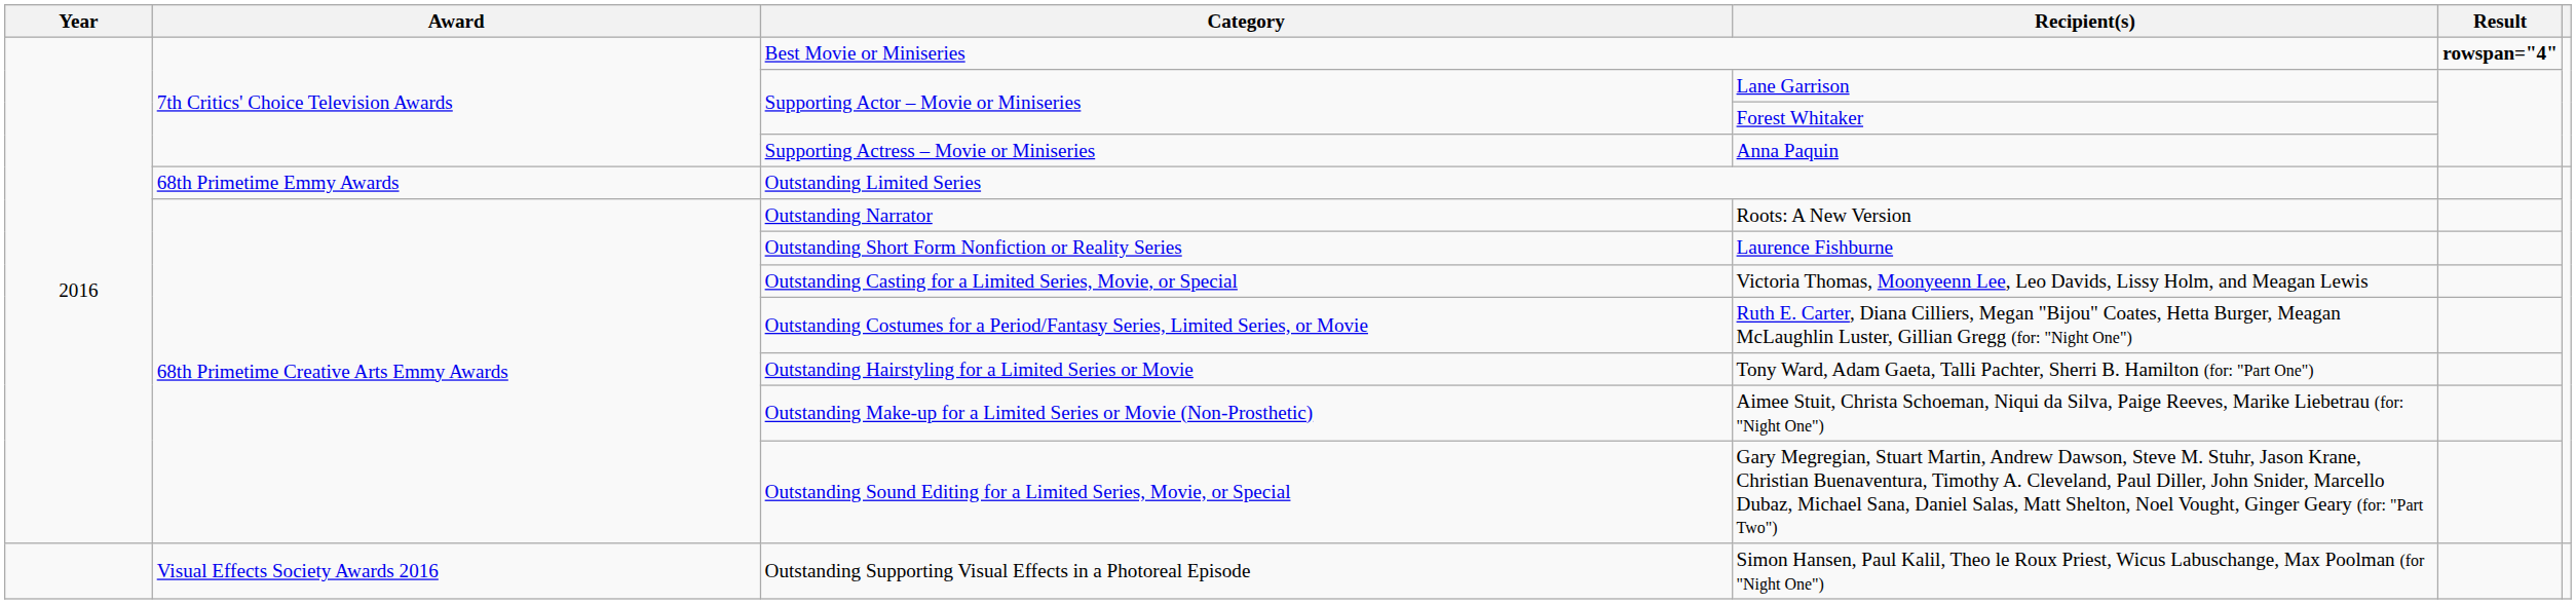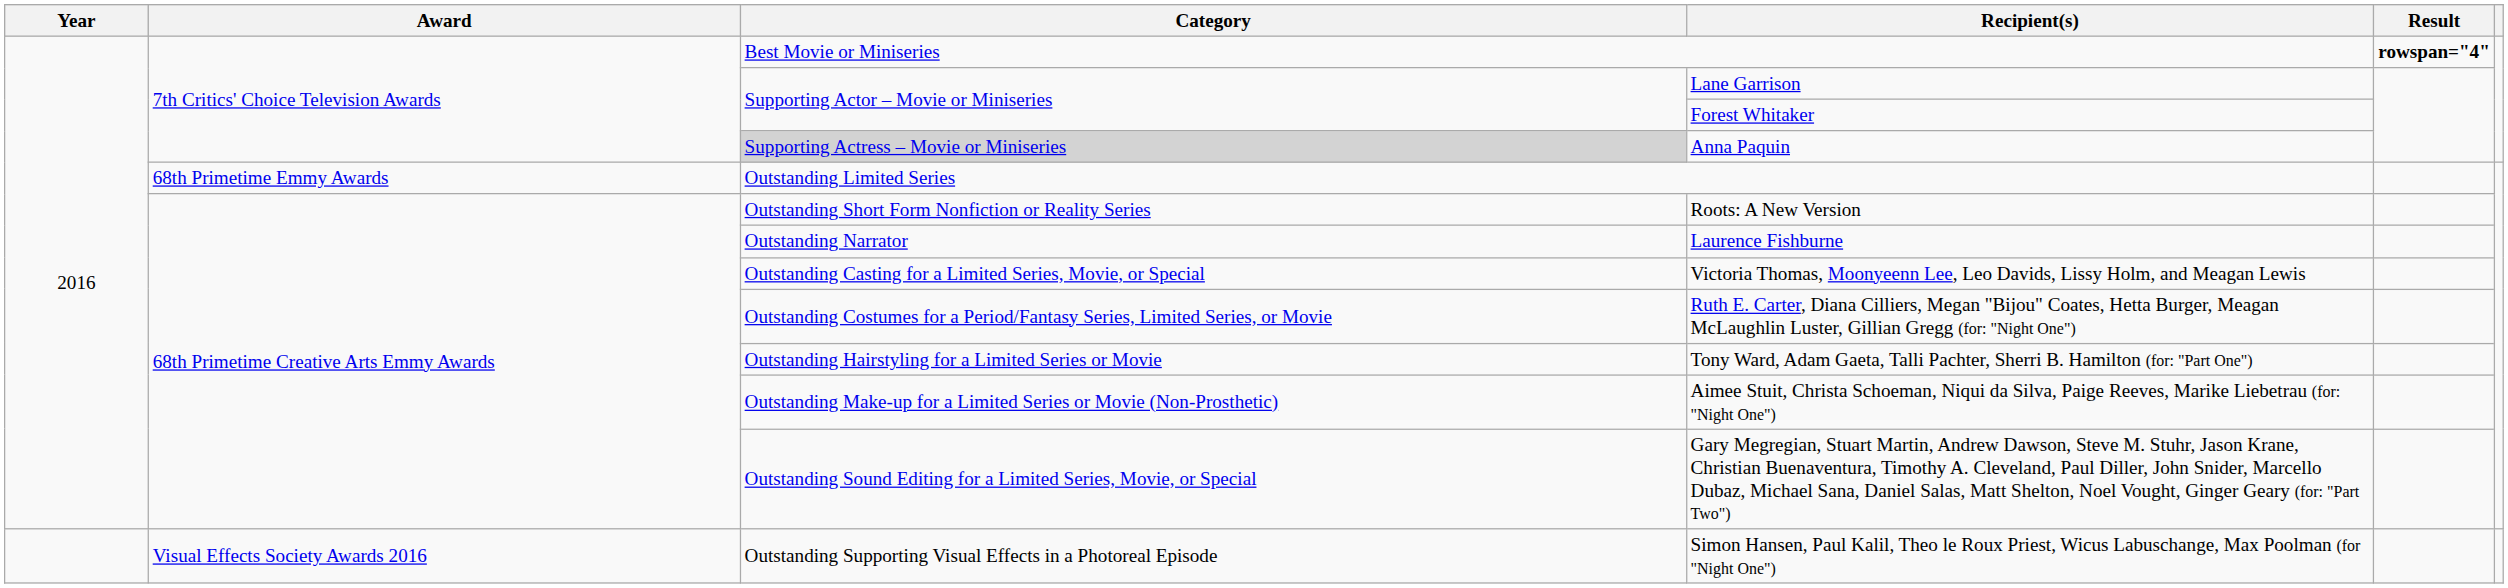 <table class="wikitable" width="100%" style="font-size: 95%;">
 <tr style="background:#ccc; text-align:center;">
 <th scope="col" width="6%">Year</th>
 <th scope="col" width="25%">Award</th>
 <th scope="col" width="40%">Category</th>
 <th scope="col" width="30%">Recipient(s)</th>
 <th scope="col" width="10%">Result</th>
 <th></th>
 </tr>
 <tr>
 <td rowspan="12" style="text-align:center;">2016</td>
 <td rowspan="4"><a href='#'>7th Critics' Choice Television Awards</a></td>
 <td colspan="2"><a href='#'>Best Movie or Miniseries</a></td>
 <td><strong>rowspan="4" </strong></td>
 <td rowspan="4"></td>
 </tr>
 <tr>
 <td rowspan="2"><a href='#'>Supporting Actor – Movie or Miniseries</a></td>
 <td><a href='#'>Lane Garrison</a></td>
 </tr>
 <tr>
 <td><a href='#'>Forest Whitaker</a></td>
 </tr>
 <tr>
-<td><a href='#'>Supporting Actress – Movie or Miniseries</a></td>
+<td style="background: lightgrey;"><a href='#'>Supporting Actress – Movie or Miniseries</a></td>
 <td><a href='#'>Anna Paquin</a></td>
 </tr>
 <tr>
 <td><a href='#'>68th Primetime Emmy Awards</a></td>
 <td colspan="2"><a href='#'>Outstanding Limited Series</a></td>
 <td></td>
 <td rowspan="8"></td>
 </tr>
 <tr>
 <td rowspan="7"><a href='#'>68th Primetime Creative Arts Emmy Awards</a></td>
-<td><a href='#'>Outstanding Narrator</a></td>
+<td><a href='#'>Outstanding Short Form Nonfiction or Reality Series</a></td>
 <td>Roots: A New Version</td>
 <td></td>
 </tr>
 <tr>
-<td><a href='#'>Outstanding Short Form Nonfiction or Reality Series</a></td>
+<td><a href='#'>Outstanding Narrator</a></td>
 <td><a href='#'>Laurence Fishburne</a></td>
 <td></td>
 </tr>
 <tr>
 <td><a href='#'>Outstanding Casting for a Limited Series, Movie, or Special</a></td>
 <td>Victoria Thomas, <a href='#'>Moonyeenn Lee</a>, Leo Davids, Lissy Holm, and Meagan Lewis</td>
 <td></td>
 </tr>
 <tr>
 <td><a href='#'>Outstanding Costumes for a Period/Fantasy Series, Limited Series, or Movie</a></td>
 <td><a href='#'>Ruth E. Carter</a>, Diana Cilliers, Megan "Bijou" Coates, Hetta Burger, Meagan McLaughlin Luster, Gillian Gregg <small>(for: "Night One")</small></td>
 <td></td>
 </tr>
 <tr>
 <td><a href='#'>Outstanding Hairstyling for a Limited Series or Movie</a></td>
 <td>Tony Ward, Adam Gaeta, Talli Pachter, Sherri B. Hamilton <small>(for: "Part One")</small></td>
 <td></td>
 </tr>
 <tr>
 <td><a href='#'>Outstanding Make-up for a Limited Series or Movie (Non-Prosthetic)</a></td>
 <td>Aimee Stuit, Christa Schoeman, Niqui da Silva, Paige Reeves, Marike Liebetrau <small>(for: "Night One")</small></td>
 <td></td>
 </tr>
 <tr>
 <td><a href='#'>Outstanding Sound Editing for a Limited Series, Movie, or Special</a></td>
 <td>Gary Megregian, Stuart Martin, Andrew Dawson, Steve M. Stuhr, Jason Krane, Christian Buenaventura, Timothy A. Cleveland, Paul Diller, John Snider, Marcello Dubaz, Michael Sana, Daniel Salas, Matt Shelton, Noel Vought, Ginger Geary <small>(for: "Part Two")</small></td>
 <td></td>
 </tr>
 <tr>
 <td></td>
 <td><a href='#'>Visual Effects Society Awards 2016</a></td>
 <td>Outstanding Supporting Visual Effects in a Photoreal Episode</td>
 <td>Simon Hansen, Paul Kalil, Theo le Roux Priest, Wicus Labuschange, Max Poolman <small>(for "Night One")</small></td>
 <td></td>
 <td></td>
 </tr>
 </table>
